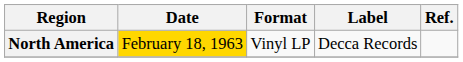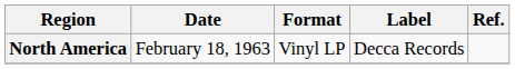 <table class="wikitable plainrowheaders">
 <tr>
 <th scope="col">Region</th>
 <th scope="col">Date</th>
 <th scope="col">Format</th>
 <th scope="col">Label</th>
 <th scope="col">Ref.</th>
 </tr>
 <tr>
 <th scope="row">North America</th>
-<td style="background: gold;">February 18, 1963</td>
+<td>February 18, 1963</td>
 <td>Vinyl LP</td>
 <td>Decca Records</td>
 <td></td>
 </tr>
 <tr>
 </tr>
 </table>
